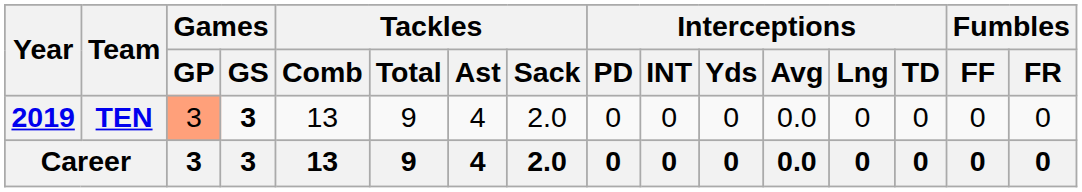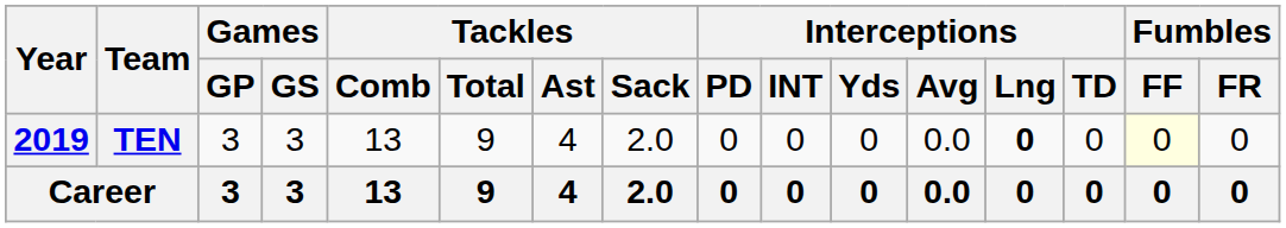 <table class="wikitable" style="text-align:center">
 <tr>
 <th rowspan="2">Year</th>
 <th rowspan="2">Team</th>
 <th colspan="2">Games</th>
 <th colspan="4">Tackles</th>
 <th colspan="6">Interceptions</th>
 <th colspan="2">Fumbles</th>
 </tr>
 <tr>
 <th>GP</th>
 <th>GS</th>
 <th>Comb</th>
 <th>Total</th>
 <th>Ast</th>
 <th>Sack</th>
 <th>PD</th>
 <th>INT</th>
 <th>Yds</th>
 <th>Avg</th>
 <th>Lng</th>
 <th>TD</th>
 <th>FF</th>
 <th>FR</th>
 </tr>
 <tr>
 <th><a href='#'>2019</a></th>
 <th><a href='#'>TEN</a></th>
-<td style="background: lightsalmon;">3</td>
-<td><strong>3</strong></td>
+<td>3</td>
+<td>3</td>
 <td>13</td>
 <td>9</td>
 <td>4</td>
 <td>2.0</td>
 <td>0</td>
 <td>0</td>
 <td>0</td>
 <td>0.0</td>
+<td><strong>0</strong></td>
 <td>0</td>
-<td>0</td>
-<td>0</td>
+<td style="background: lightyellow;">0</td>
 <td>0</td>
 </tr>
 <tr>
 <th colspan=2>Career</th>
 <th>3</th>
 <th>3</th>
 <th>13</th>
 <th>9</th>
 <th>4</th>
 <th>2.0</th>
 <th>0</th>
 <th>0</th>
 <th>0</th>
 <th>0.0</th>
 <th>0</th>
 <th>0</th>
 <th>0</th>
 <th>0</th>
 </tr>
 </table>
